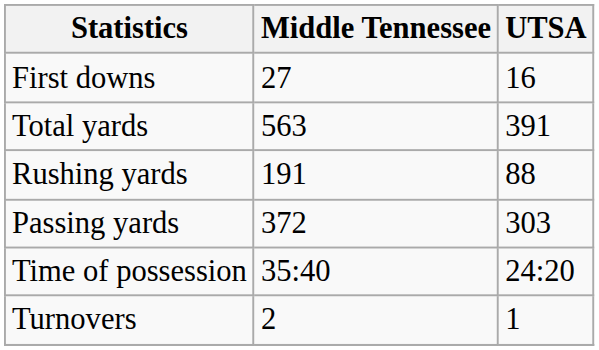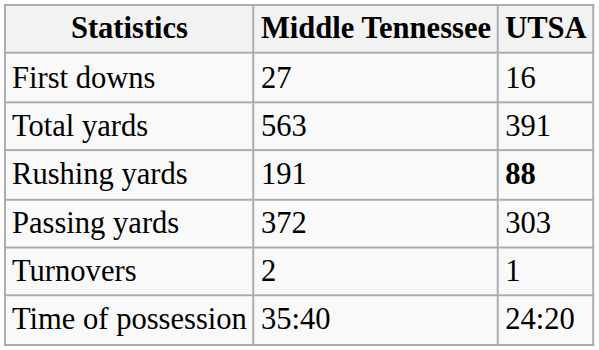 <table class="wikitable">
 <tr>
 <th>Statistics</th>
 <th>Middle Tennessee</th>
 <th>UTSA</th>
 </tr>
 <tr>
 <td>First downs</td>
 <td>27</td>
 <td>16</td>
 </tr>
 <tr>
 <td>Total yards</td>
 <td>563</td>
 <td>391</td>
 </tr>
 <tr>
 <td>Rushing yards</td>
 <td>191</td>
-<td>88</td>
+<td><strong>88</strong></td>
 </tr>
 <tr>
 <td>Passing yards</td>
 <td>372</td>
 <td>303</td>
 </tr>
 <tr>
+<td>Turnovers</td>
+<td>2</td>
+<td>1</td>
+</tr>
+<tr>
 <td>Time of possession</td>
 <td>35:40</td>
 <td>24:20</td>
 </tr>
 <tr>
-<td>Turnovers</td>
-<td>2</td>
-<td>1</td>
-</tr>
-<tr>
 </tr>
 </table>
